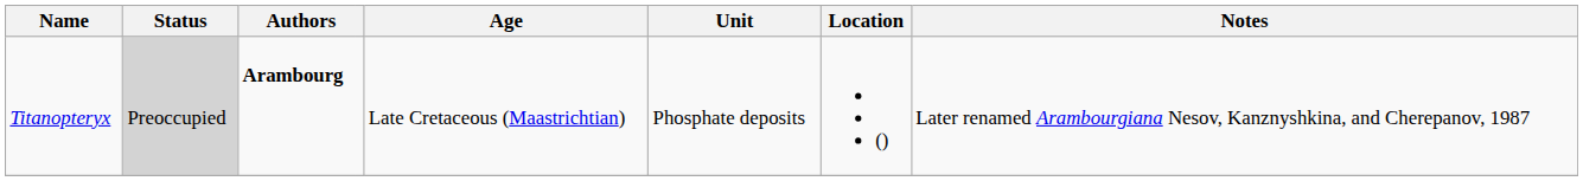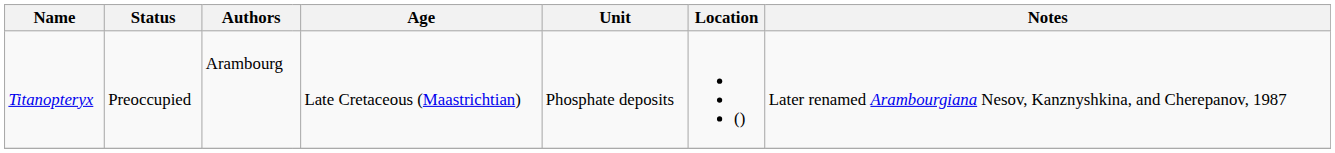 <table class="wikitable sortable" align="center" width="100%">
 <tr>
 <th>Name</th>
 <th>Status</th>
 <th colspan="2">Authors</th>
 <th>Age</th>
 <th>Unit</th>
 <th>Location</th>
 <th>Notes</th>
 </tr>
 <tr>
 <td><br><em><a href='#'>Titanopteryx</a></em></td>
-<td style="background: lightgrey;"><br>Preoccupied</td>
-<td style="border-right:0px" valign="top"><strong><br>Arambourg</strong></td>
+<td><br>Preoccupied</td>
+<td style="border-right:0px" valign="top"><br>Arambourg</td>
 <td style="border-left:0px" valign="top"></td>
 <td><br>Late Cretaceous (<a href='#'>Maastrichtian</a>)</td>
 <td><br>Phosphate deposits</td>
 <td><br><ul><li></li><li></li><li> ()</li></ul></td>
 <td><br>Later renamed <em><a href='#'>Arambourgiana</a></em> Nesov, Kanznyshkina, and Cherepanov, 1987</td>
 </tr>
 <tr>
 </tr>
 </table>
